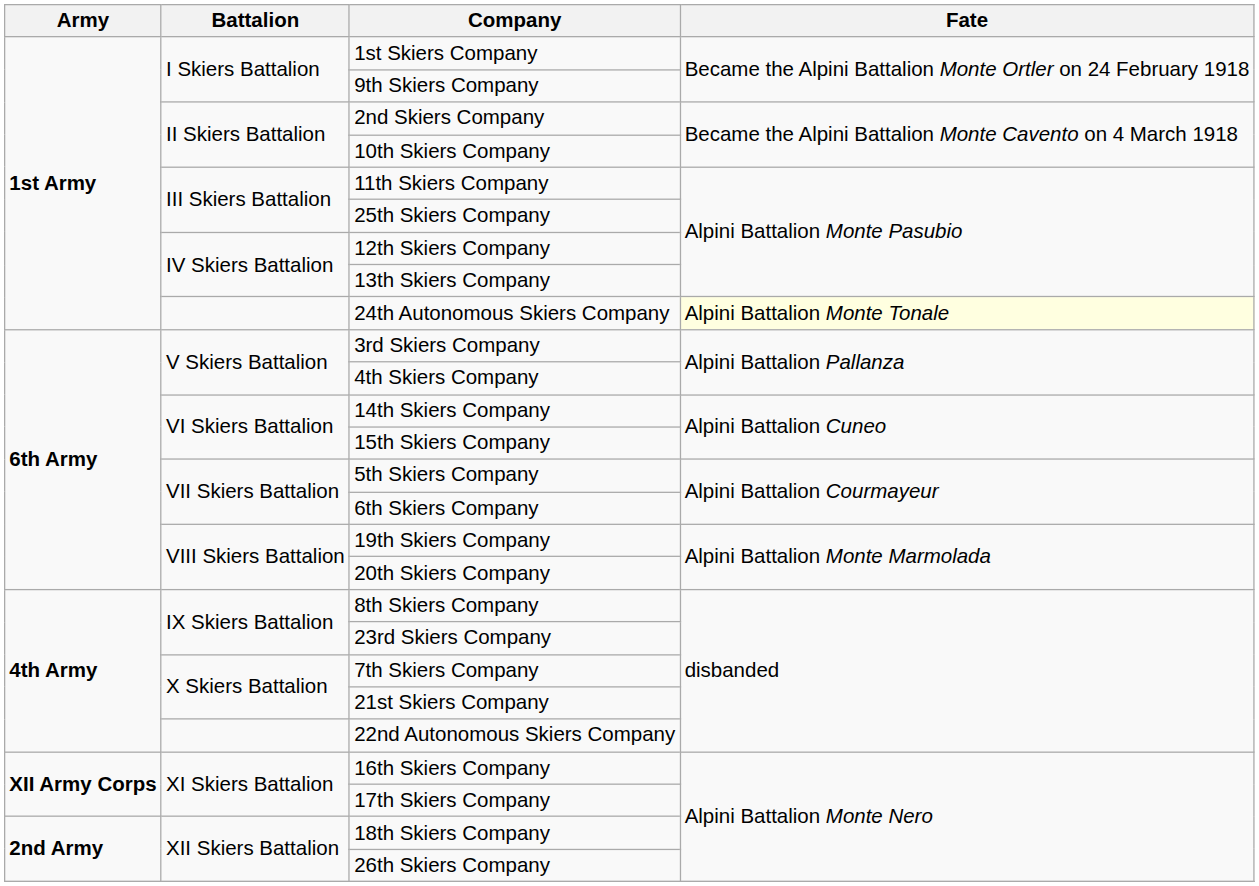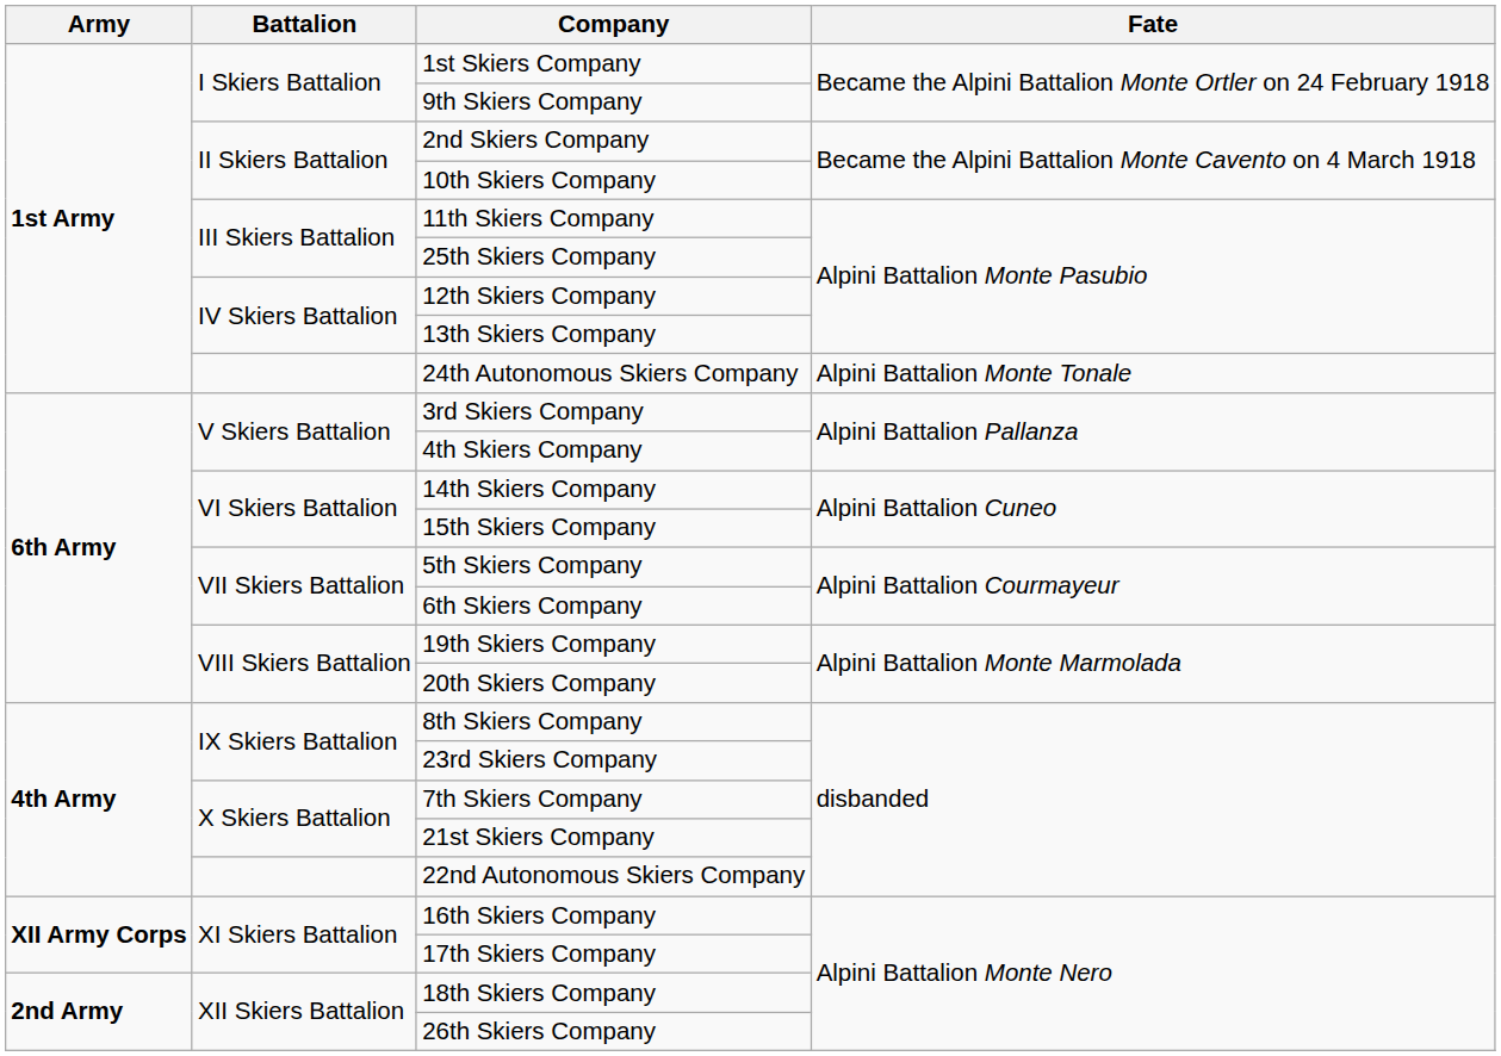 <table class="wikitable">
 <tr>
 <th>Army</th>
 <th>Battalion</th>
 <th>Company</th>
 <th>Fate</th>
 </tr>
 <tr>
 <td rowspan="9" colspan="1" style="text-align: left;"><strong>1st Army</strong></td>
 <td rowspan="2" colspan="1" style="text-align: left;">I Skiers Battalion</td>
 <td rowspan="1" colspan="1" style="text-align: left;">1st Skiers Company</td>
 <td rowspan="2" colspan="1" style="text-align: left;">Became the Alpini Battalion <em>Monte Ortler</em> on 24 February 1918</td>
 </tr>
 <tr>
 <td rowspan="1" colspan="1" style="text-align: left;">9th Skiers Company</td>
 </tr>
 <tr>
 <td rowspan="2" colspan="1" style="text-align: left;">II Skiers Battalion</td>
 <td rowspan="1" colspan="1" style="text-align: left;">2nd Skiers Company</td>
 <td rowspan="2" colspan="1" style="text-align: left;">Became the Alpini Battalion <em>Monte Cavento</em> on 4 March 1918</td>
 </tr>
 <tr>
 <td rowspan="1" colspan="1" style="text-align: left;">10th Skiers Company</td>
 </tr>
 <tr>
 <td rowspan="2" colspan="1" style="text-align: left;">III Skiers Battalion</td>
 <td rowspan="1" colspan="1" style="text-align: left;">11th Skiers Company</td>
 <td rowspan="4" colspan="1" style="text-align: left;">Alpini Battalion <em>Monte Pasubio</em></td>
 </tr>
 <tr>
 <td rowspan="1" colspan="1" style="text-align: left;">25th Skiers Company</td>
 </tr>
 <tr>
 <td rowspan="2" colspan="1" style="text-align: left;">IV Skiers Battalion</td>
 <td rowspan="1" colspan="1" style="text-align: left;">12th Skiers Company</td>
 </tr>
 <tr>
 <td rowspan="1" colspan="1" style="text-align: left;">13th Skiers Company</td>
 </tr>
 <tr>
 <td></td>
 <td rowspan="1" colspan="1" style="text-align: left;">24th Autonomous Skiers Company</td>
-<td rowspan="1" colspan="1" style="background: lightyellow; text-align: left;">Alpini Battalion <em>Monte Tonale</em></td>
+<td rowspan="1" colspan="1" style="text-align: left;">Alpini Battalion <em>Monte Tonale</em></td>
 </tr>
 <tr>
 <td rowspan="8" colspan="1" style="text-align: left;"><strong>6th Army</strong></td>
 <td rowspan="2" colspan="1" style="text-align: left;">V Skiers Battalion</td>
 <td rowspan="1" colspan="1" style="text-align: left;">3rd Skiers Company</td>
 <td rowspan="2" colspan="1" style="text-align: left;">Alpini Battalion <em>Pallanza</em></td>
 </tr>
 <tr>
 <td rowspan="1" colspan="1" style="text-align: left;">4th Skiers Company</td>
 </tr>
 <tr>
 <td rowspan="2" colspan="1" style="text-align: left;">VI Skiers Battalion</td>
 <td rowspan="1" colspan="1" style="text-align: left;">14th Skiers Company</td>
 <td rowspan="2" colspan="1" style="text-align: left;">Alpini Battalion <em>Cuneo</em></td>
 </tr>
 <tr>
 <td rowspan="1" colspan="1" style="text-align: left;">15th Skiers Company</td>
 </tr>
 <tr>
 <td rowspan="2" colspan="1" style="text-align: left;">VII Skiers Battalion</td>
 <td rowspan="1" colspan="1" style="text-align: left;">5th Skiers Company</td>
 <td rowspan="2" colspan="1" style="text-align: left;">Alpini Battalion <em>Courmayeur</em></td>
 </tr>
 <tr>
 <td rowspan="1" colspan="1" style="text-align: left;">6th Skiers Company</td>
 </tr>
 <tr>
 <td rowspan="2" colspan="1" style="text-align: left;">VIII Skiers Battalion</td>
 <td rowspan="1" colspan="1" style="text-align: left;">19th Skiers Company</td>
 <td rowspan="2" colspan="1" style="text-align: left;">Alpini Battalion <em>Monte Marmolada</em></td>
 </tr>
 <tr>
 <td rowspan="1" colspan="1" style="text-align: left;">20th Skiers Company</td>
 </tr>
 <tr>
 <td rowspan="5" colspan="1" style="text-align: left;"><strong>4th Army</strong></td>
 <td rowspan="2" colspan="1" style="text-align: left;">IX Skiers Battalion</td>
 <td rowspan="1" colspan="1" style="text-align: left;">8th Skiers Company</td>
 <td rowspan="5" colspan="1" style="text-align: left;">disbanded</td>
 </tr>
 <tr>
 <td rowspan="1" colspan="1" style="text-align: left;">23rd Skiers Company</td>
 </tr>
 <tr>
 <td rowspan="2" colspan="1" style="text-align: left;">X Skiers Battalion</td>
 <td rowspan="1" colspan="1" style="text-align: left;">7th Skiers Company</td>
 </tr>
 <tr>
 <td rowspan="1" colspan="1" style="text-align: left;">21st Skiers Company</td>
 </tr>
 <tr>
 <td></td>
 <td rowspan="1" colspan="1" style="text-align: left;">22nd Autonomous Skiers Company</td>
 </tr>
 <tr>
 <td rowspan="2" colspan="1" style="text-align: left;"><strong>XII Army Corps</strong></td>
 <td rowspan="2" colspan="1" style="text-align: left;">XI Skiers Battalion</td>
 <td rowspan="1" colspan="1" style="text-align: left;">16th Skiers Company</td>
 <td rowspan="4" colspan="1" style="text-align: left;">Alpini Battalion <em>Monte Nero</em></td>
 </tr>
 <tr>
 <td rowspan="1" colspan="1" style="text-align: left;">17th Skiers Company</td>
 </tr>
 <tr>
 <td rowspan="2" colspan="1" style="text-align: left;"><strong>2nd Army</strong></td>
 <td rowspan="2" colspan="1" style="text-align: left;">XII Skiers Battalion</td>
 <td rowspan="1" colspan="1" style="text-align: left;">18th Skiers Company</td>
 </tr>
 <tr>
 <td rowspan="1" colspan="1" style="text-align: left;">26th Skiers Company</td>
 </tr>
 <tr>
 </tr>
 </table>
